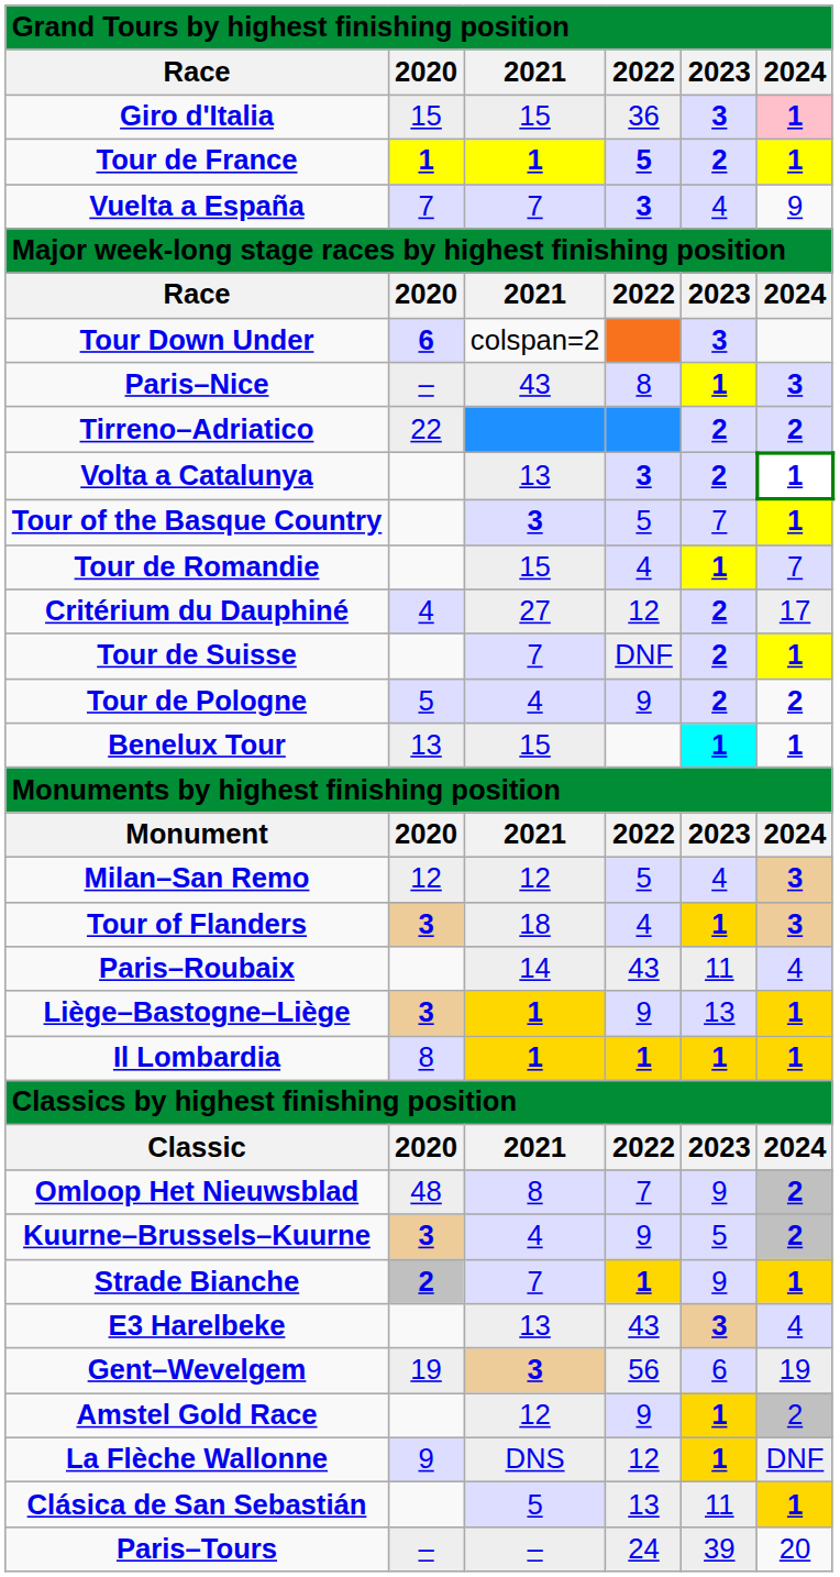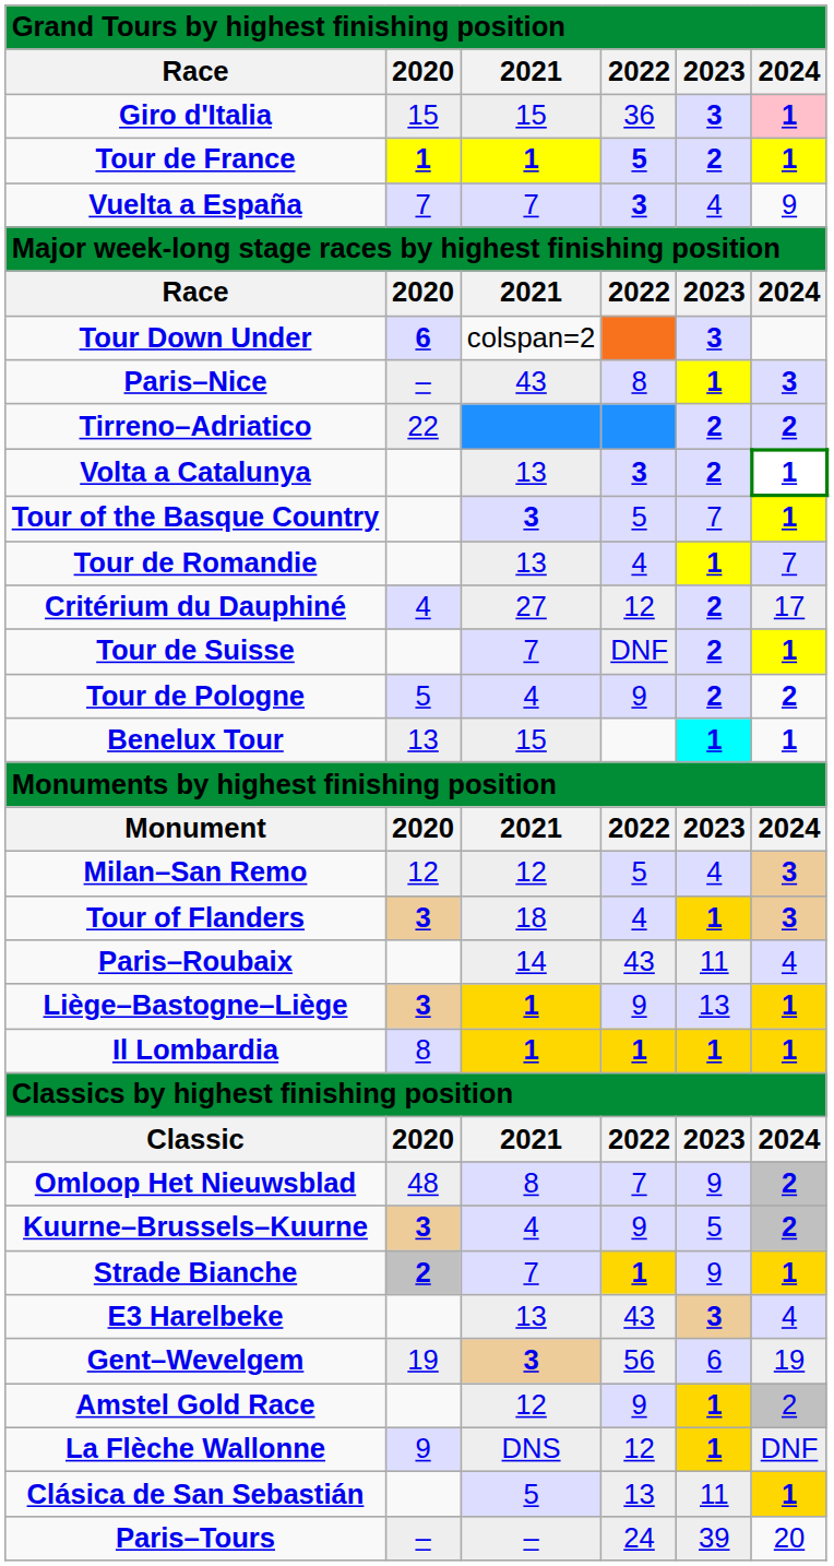 <table class="wikitable">
 <tr>
 <td style="background:#008D35;" colspan=30><strong>Grand Tours by highest finishing position</strong></td>
 </tr>
 <tr>
 <th>Race</th>
 <th>2020</th>
 <th>2021</th>
 <th>2022</th>
 <th>2023</th>
 <th>2024</th>
 </tr>
 <tr align="center">
 <td><strong><a href='#'>Giro d'Italia</a></strong></td>
 <td style="background:#eee;"><a href='#'>15</a></td>
 <td style="background:#eee;"><a href='#'>15</a></td>
 <td style="background:#eee;"><a href='#'>36</a></td>
 <td style="background:#ddf;"><a href='#'><strong>3</strong></a></td>
 <td style="background:pink;"><a href='#'><strong>1</strong></a></td>
 </tr>
 <tr align="center">
 <td><strong><a href='#'>Tour de France</a></strong></td>
 <td style="background:yellow;"><a href='#'><strong>1</strong></a></td>
 <td style="background:yellow;"><a href='#'><strong>1</strong></a></td>
 <td style="background:#ddf;"><a href='#'><strong>5</strong></a></td>
 <td style="background:#ddf;"><a href='#'><strong>2</strong></a></td>
 <td style="background:yellow;"><a href='#'><strong>1</strong></a></td>
 </tr>
 <tr align="center">
 <td><strong><a href='#'>Vuelta a España</a></strong></td>
 <td style="background:#ddf;"><a href='#'>7</a></td>
 <td style="background:#ddf;"><a href='#'>7</a></td>
 <td style="background:#ddf;"><a href='#'><strong>3</strong></a></td>
 <td style="background:#ddf;"><a href='#'>4</a></td>
 <td><a href='#'>9</a></td>
 </tr>
 <tr>
 <td style="background:#008D35;" colspan=30><strong>Major week-long stage races by highest finishing position</strong></td>
 </tr>
 <tr>
 <th>Race</th>
 <th>2020</th>
 <th>2021</th>
 <th>2022</th>
 <th>2023</th>
 <th>2024</th>
 </tr>
 <tr align="center">
 <td><strong><a href='#'>Tour Down Under</a></strong></td>
 <td style="background:#ddf;"><a href='#'><strong>6</strong></a></td>
 <td>colspan=2 </td>
 <td style="background:#F8721E;"></td>
 <td style="background:#ddf;"><a href='#'><strong>3</strong></a></td>
 </tr>
 <tr align="center">
 <td><strong><a href='#'>Paris–Nice</a></strong></td>
 <td style="background:#eee;"><a href='#'>–</a></td>
 <td style="background:#eee;"><a href='#'>43</a></td>
 <td style="background:#ddf;"><a href='#'>8</a></td>
 <td style="background:yellow;"><a href='#'><strong>1</strong></a></td>
 <td style="background:#ddf;"><a href='#'><strong>3</strong></a></td>
 </tr>
 <tr align="center">
 <td><strong><a href='#'>Tirreno–Adriatico</a></strong></td>
 <td style="background:#eee;"><a href='#'>22</a></td>
 <td style="background:dodgerblue;"></td>
 <td style="background:dodgerblue;"></td>
 <td style="background:#ddf;"><a href='#'><strong>2</strong></a></td>
 <td style="background:#ddf;"><a href='#'><strong>2</strong></a></td>
 </tr>
 <tr align="center">
 <td><strong><a href='#'>Volta a Catalunya</a></strong></td>
 <td></td>
 <td style="background:#eee;"><a href='#'>13</a></td>
 <td style="background:#ddf;"><a href='#'><strong>3</strong></a></td>
 <td style="background:#ddf;"><a href='#'><strong>2</strong></a></td>
 <td style="background:white; border:2px solid green;"><a href='#'><strong>1</strong></a></td>
 </tr>
 <tr align="center">
 <td><strong><a href='#'>Tour of the Basque Country</a></strong></td>
 <td></td>
 <td style="background:#ddf;"><a href='#'><strong>3</strong></a></td>
 <td style="background:#ddf;"><a href='#'>5</a></td>
 <td style="background:#ddf;"><a href='#'>7</a></td>
 <td style="background:yellow;"><a href='#'><strong>1</strong></a></td>
 </tr>
 <tr align="center">
 <td><strong><a href='#'>Tour de Romandie</a></strong></td>
 <td></td>
-<td style="background:#eee;"><a href='#'>15</a></td>
+<td style="background:#eee;"><a href='#'>13</a></td>
 <td style="background:#ddf;"><a href='#'>4</a></td>
 <td style="background:yellow;"><a href='#'><strong>1</strong></a></td>
 <td style="background:#ddf;"><a href='#'>7</a></td>
 </tr>
 <tr align="center">
 <td><strong><a href='#'>Critérium du Dauphiné</a></strong></td>
 <td style="background:#ddf;"><a href='#'>4</a></td>
 <td style="background:#eee;"><a href='#'>27</a></td>
 <td style="background:#eee;"><a href='#'>12</a></td>
 <td style="background:#ddf;"><a href='#'><strong>2</strong></a></td>
 <td style="background:#eee;"><a href='#'>17</a></td>
 </tr>
 <tr align="center">
 <td><strong><a href='#'>Tour de Suisse</a></strong></td>
 <td></td>
 <td style="background:#ddf;"><a href='#'>7</a></td>
 <td style="background:#eee;"><a href='#'>DNF</a></td>
 <td style="background:#ddf;"><a href='#'><strong>2</strong></a></td>
 <td style="background:yellow;"><a href='#'><strong>1</strong></a></td>
 </tr>
 <tr align="center">
 <td><strong><a href='#'>Tour de Pologne</a></strong></td>
 <td style="background:#ddf;"><a href='#'>5</a></td>
 <td style="background:#ddf;"><a href='#'>4</a></td>
 <td style="background:#ddf;"><a href='#'>9</a></td>
 <td style="background:#ddf;"><a href='#'><strong>2</strong></a></td>
 <td><strong><a href='#'>2</a></strong></td>
 </tr>
 <tr align="center">
 <td><strong><a href='#'>Benelux Tour</a></strong></td>
 <td style="background:#eee;"><a href='#'>13</a></td>
 <td style="background:#eee;"><a href='#'>15</a></td>
 <td></td>
 <td style="background:cyan;"><a href='#'><strong>1</strong></a></td>
 <td><strong><a href='#'>1</a></strong></td>
 </tr>
 <tr>
 <td style="background:#008D35;" colspan=30><strong>Monuments by highest finishing position</strong></td>
 </tr>
 <tr>
 <th>Monument</th>
 <th>2020</th>
 <th>2021</th>
 <th>2022</th>
 <th>2023</th>
 <th>2024</th>
 </tr>
 <tr align="center">
 <td><strong><a href='#'>Milan–San Remo</a></strong></td>
 <td style="background:#eee;"><a href='#'>12</a></td>
 <td style="background:#eee;"><a href='#'>12</a></td>
 <td style="background:#ddf;"><a href='#'>5</a></td>
 <td style="background:#ddf;"><a href='#'>4</a></td>
 <td style="background:#ec9;"><a href='#'><strong>3</strong></a></td>
 </tr>
 <tr align="center">
 <td><strong><a href='#'>Tour of Flanders</a></strong></td>
 <td style="background:#ec9;"><a href='#'><strong>3</strong></a></td>
 <td style="background:#eee;"><a href='#'>18</a></td>
 <td style="background:#ddf;"><a href='#'>4</a></td>
 <td style="background:gold;"><a href='#'><strong>1</strong></a></td>
 <td style="background:#ec9;"><a href='#'><strong>3</strong></a></td>
 </tr>
 <tr align="center">
 <td><strong><a href='#'>Paris–Roubaix</a></strong></td>
 <td></td>
 <td style="background:#eee;"><a href='#'>14</a></td>
 <td style="background:#eee;"><a href='#'>43</a></td>
 <td style="background:#eee;"><a href='#'>11</a></td>
 <td style="background:#ddf;"><a href='#'>4</a></td>
 </tr>
 <tr align="center">
 <td><strong><a href='#'>Liège–Bastogne–Liège</a></strong></td>
 <td style="background:#ec9;"><a href='#'><strong>3</strong></a></td>
 <td style="background:gold;"><a href='#'><strong>1</strong></a></td>
 <td style="background:#ddf;"><a href='#'>9</a></td>
 <td style="background:#ddf;"><a href='#'>13</a></td>
 <td style="background:gold;"><a href='#'><strong>1</strong></a></td>
 </tr>
 <tr align="center">
 <td><strong><a href='#'>Il Lombardia</a></strong></td>
 <td style="background:#ddf;"><a href='#'>8</a></td>
 <td style="background:gold;"><a href='#'><strong>1</strong></a></td>
 <td style="background:gold;"><a href='#'><strong>1</strong></a></td>
 <td style="background:gold;"><a href='#'><strong>1</strong></a></td>
 <td style="background:gold;"><a href='#'><strong>1</strong></a></td>
 </tr>
 <tr>
 <td style="background:#008D35;" colspan=30><strong>Classics by highest finishing position</strong></td>
 </tr>
 <tr>
 <th>Classic</th>
 <th>2020</th>
 <th>2021</th>
 <th>2022</th>
 <th>2023</th>
 <th>2024</th>
 </tr>
 <tr align="center">
 <td><strong><a href='#'>Omloop Het Nieuwsblad</a></strong></td>
 <td style="background:#eee;"><a href='#'>48</a></td>
 <td style="background:#ddf;"><a href='#'>8</a></td>
 <td style="background:#ddf;"><a href='#'>7</a></td>
 <td style="background:#ddf;"><a href='#'>9</a></td>
 <td style="background:silver;"><a href='#'><strong>2</strong></a></td>
 </tr>
 <tr align="center">
 <td><strong><a href='#'>Kuurne–Brussels–Kuurne</a></strong></td>
 <td style="background:#ec9;"><a href='#'><strong>3</strong></a></td>
 <td style="background:#ddf;"><a href='#'>4</a></td>
 <td style="background:#ddf;"><a href='#'>9</a></td>
 <td style="background:#ddf;"><a href='#'>5</a></td>
 <td style="background:silver;"><a href='#'><strong>2</strong></a></td>
 </tr>
 <tr align="center">
 <td><strong><a href='#'>Strade Bianche</a></strong></td>
 <td style="background:silver;"><a href='#'><strong>2</strong></a></td>
 <td style="background:#ddf;"><a href='#'>7</a></td>
 <td style="background:gold;"><a href='#'><strong>1</strong></a></td>
 <td style="background:#ddf;"><a href='#'>9</a></td>
 <td style="background:gold;"><a href='#'><strong>1</strong></a></td>
 </tr>
 <tr align="center">
 <td><strong><a href='#'>E3 Harelbeke</a></strong></td>
 <td></td>
 <td style="background:#eee;"><a href='#'>13</a></td>
 <td style="background:#eee;"><a href='#'>43</a></td>
 <td style="background:#ec9;"><a href='#'><strong>3</strong></a></td>
 <td style="background:#ddf;"><a href='#'>4</a></td>
 </tr>
 <tr align="center">
 <td><strong><a href='#'>Gent–Wevelgem</a></strong></td>
 <td style="background:#eee;"><a href='#'>19</a></td>
 <td style="background:#ec9;"><a href='#'><strong>3</strong></a></td>
 <td style="background:#eee;"><a href='#'>56</a></td>
 <td style="background:#ddf;"><a href='#'>6</a></td>
 <td style="background:#eee;"><a href='#'>19</a></td>
 </tr>
 <tr align="center">
 <td><strong><a href='#'>Amstel Gold Race</a></strong></td>
 <td></td>
 <td style="background:#eee;"><a href='#'>12</a></td>
 <td style="background:#ddf;"><a href='#'>9</a></td>
 <td style="background:gold;"><a href='#'><strong>1</strong></a></td>
 <td style="background:silver;"><a href='#'>2</a></td>
 </tr>
 <tr align="center">
 <td><strong><a href='#'>La Flèche Wallonne</a></strong></td>
 <td style="background:#ddf;"><a href='#'>9</a></td>
 <td style="background:#eee;"><a href='#'>DNS</a></td>
 <td style="background:#eee;"><a href='#'>12</a></td>
 <td style="background:gold;"><a href='#'><strong>1</strong></a></td>
 <td style="background:#eee;"><a href='#'>DNF</a></td>
 </tr>
 <tr align="center">
 <td><strong><a href='#'>Clásica de San Sebastián</a></strong></td>
 <td></td>
 <td style="background:#ddf;"><a href='#'>5</a></td>
 <td style="background:#eee;"><a href='#'>13</a></td>
 <td style="background:#eee;"><a href='#'>11</a></td>
 <td style="background:gold;"><a href='#'><strong>1</strong></a></td>
 </tr>
 <tr align="center">
 <td><strong><a href='#'>Paris–Tours</a></strong></td>
 <td style="background:#eee;"><a href='#'>–</a></td>
 <td style="background:#eee;"><a href='#'>–</a></td>
 <td style="background:#eee;"><a href='#'>24</a></td>
 <td style="background:#eee;"><a href='#'>39</a></td>
 <td><a href='#'>20</a></td>
 </tr>
 </table>
